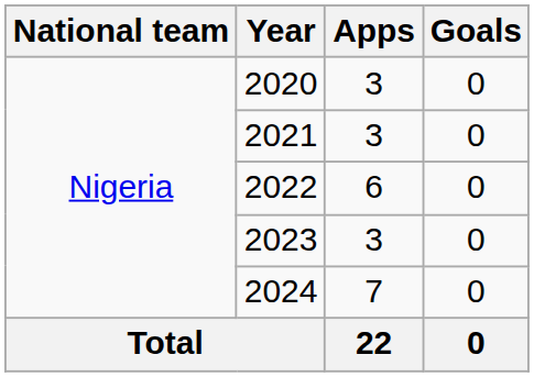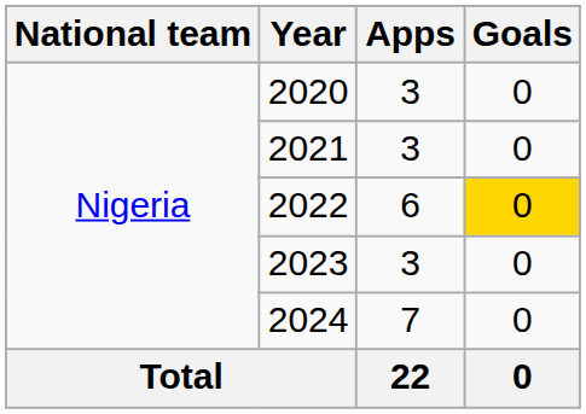 <table class="wikitable" style="text-align:center">
 <tr>
 <th>National team</th>
 <th>Year</th>
 <th>Apps</th>
 <th>Goals</th>
 </tr>
 <tr>
 <td rowspan="5"><a href='#'>Nigeria</a></td>
 <td>2020</td>
 <td>3</td>
 <td>0</td>
 </tr>
 <tr>
 <td>2021</td>
 <td>3</td>
 <td>0</td>
 </tr>
 <tr>
 <td>2022</td>
 <td>6</td>
-<td>0</td>
+<td style="background: gold;">0</td>
 </tr>
 <tr>
 <td>2023</td>
 <td>3</td>
 <td>0</td>
 </tr>
 <tr>
 <td>2024</td>
 <td>7</td>
 <td>0</td>
 </tr>
 <tr>
 <th colspan="2">Total</th>
 <th>22</th>
 <th>0</th>
 </tr>
 </table>
